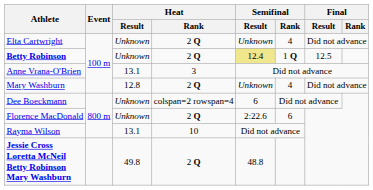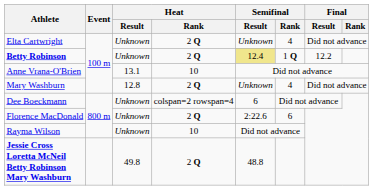 <table class="wikitable" style="font-size:90%">
 <tr>
 <th rowspan=2>Athlete</th>
 <th rowspan=2>Event</th>
 <th colspan=2>Heat</th>
 <th colspan=2>Semifinal</th>
 <th colspan=2>Final</th>
 </tr>
 <tr style="font-size:95%">
 <th>Result</th>
 <th>Rank</th>
 <th>Result</th>
 <th>Rank</th>
 <th>Result</th>
 <th>Rank</th>
 </tr>
 <tr align=center>
 <td align=left><a href='#'>Elta Cartwright</a></td>
 <td align=left rowspan=4><a href='#'>100 m</a></td>
 <td><em>Unknown</em></td>
 <td>2 <strong>Q</strong></td>
 <td><em>Unknown</em></td>
 <td>4</td>
 <td colspan=2>Did not advance</td>
 </tr>
 <tr align=center>
 <td align=left><strong><a href='#'>Betty Robinson</a></strong></td>
 <td><em>Unknown</em></td>
 <td>2 <strong>Q</strong></td>
 <td style="background: khaki;">12.4 </td>
 <td>1 <strong>Q</strong></td>
-<td>12.5 </td>
+<td>12.2 </td>
 <td></td>
 </tr>
 <tr align=center>
 <td align=left><a href='#'>Anne Vrana-O'Brien</a></td>
 <td>13.1</td>
-<td>3</td>
+<td>10</td>
 <td colspan=4>Did not advance</td>
 </tr>
 <tr align=center>
 <td align=left><a href='#'>Mary Washburn</a></td>
 <td>12.8</td>
 <td>2 <strong>Q</strong></td>
 <td><em>Unknown</em></td>
 <td>4</td>
 <td colspan=2>Did not advance</td>
 </tr>
 <tr align=center>
 <td align=left><a href='#'>Dee Boeckmann</a></td>
 <td align=left rowspan=3><a href='#'>800 m</a></td>
 <td><em>Unknown</em></td>
 <td>colspan=2 rowspan=4 </td>
 <td>6</td>
 <td colspan=2>Did not advance</td>
 </tr>
 <tr align=center>
 <td align=left><a href='#'>Florence MacDonald</a></td>
 <td><em>Unknown</em></td>
 <td>2 <strong>Q</strong></td>
 <td>2:22.6</td>
 <td>6</td>
 </tr>
 <tr align=center>
 <td align=left><a href='#'>Rayma Wilson</a></td>
-<td>13.1</td>
+<td><em>Unknown</em></td>
 <td>10</td>
 <td colspan=2>Did not advance</td>
 </tr>
 <tr align=center>
 <td align=left><strong><a href='#'>Jessie Cross</a><br><a href='#'>Loretta McNeil</a><br><a href='#'>Betty Robinson</a><br><a href='#'>Mary Washburn</a></strong></td>
 <td align=left rowspan=1><a href='#'></a></td>
 <td>49.8</td>
 <td>2 <strong>Q</strong></td>
 <td>48.8</td>
 <td></td>
 </tr>
 </table>
